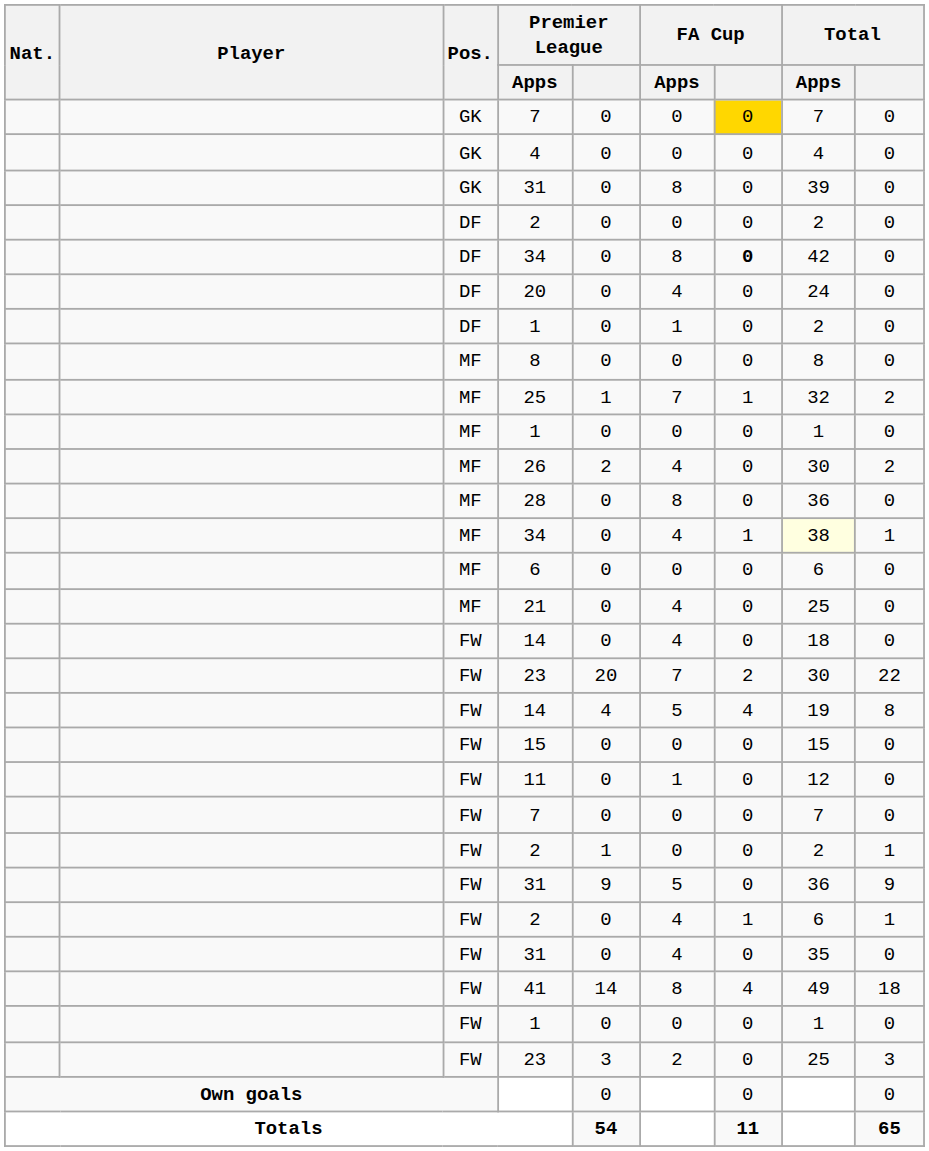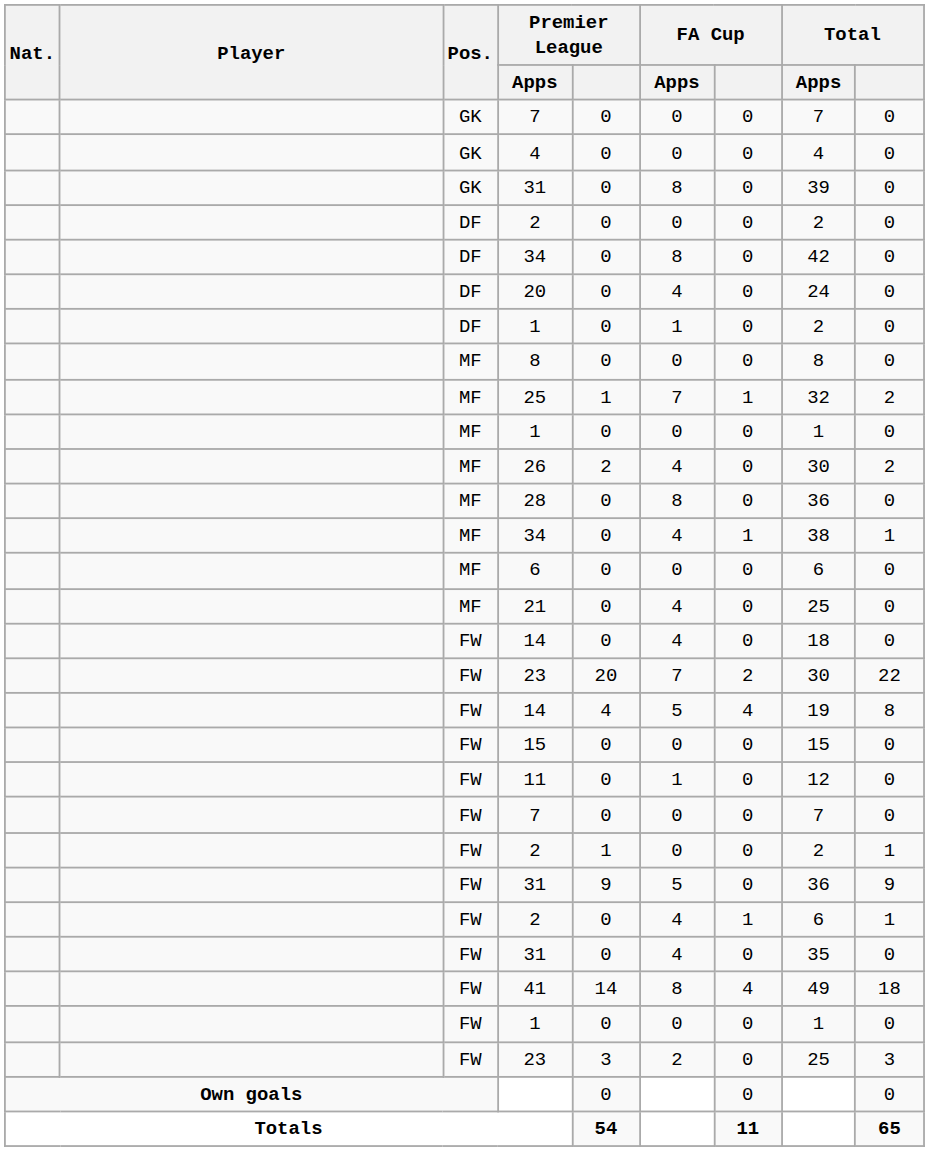 <table class="wikitable sortable alternance"  style="font-size:80%; text-align:center; line-height:14px; width:40%;">
 <tr>
 <th rowspan="2" style="width:10px;">Nat.</th>
 <th rowspan="2" scope="col" style="width:275px;">Player</th>
 <th rowspan="2" style="width:10px;">Pos.</th>
 <th colspan="2">Premier League</th>
 <th colspan="2">FA Cup</th>
 <th colspan="2">Total</th>
 </tr>
 <tr style="text-align:center;">
 <th width=40>Apps</th>
 <th width=40></th>
 <th width=40>Apps</th>
 <th width=40></th>
 <th width=40>Apps</th>
 <th width=40></th>
 </tr>
 <tr>
 <td></td>
 <td></td>
 <td>GK</td>
 <td>7</td>
 <td>0</td>
 <td>0</td>
-<td style="background: gold;">0</td>
+<td>0</td>
 <td>7</td>
 <td>0</td>
 </tr>
 <tr>
 <td></td>
 <td></td>
 <td>GK</td>
 <td>4</td>
 <td>0</td>
 <td>0</td>
 <td>0</td>
 <td>4</td>
 <td>0</td>
 </tr>
 <tr>
 <td></td>
 <td></td>
 <td>GK</td>
 <td>31</td>
 <td>0</td>
 <td>8</td>
 <td>0</td>
 <td>39</td>
 <td>0</td>
 </tr>
 <tr>
 <td></td>
 <td></td>
 <td>DF</td>
 <td>2</td>
 <td>0</td>
 <td>0</td>
 <td>0</td>
 <td>2</td>
 <td>0</td>
 </tr>
 <tr>
 <td></td>
 <td></td>
 <td>DF</td>
 <td>34</td>
 <td>0</td>
 <td>8</td>
-<td><strong>0</strong></td>
+<td>0</td>
 <td>42</td>
 <td>0</td>
 </tr>
 <tr>
 <td></td>
 <td></td>
 <td>DF</td>
 <td>20</td>
 <td>0</td>
 <td>4</td>
 <td>0</td>
 <td>24</td>
 <td>0</td>
 </tr>
 <tr>
 <td></td>
 <td></td>
 <td>DF</td>
 <td>1</td>
 <td>0</td>
 <td>1</td>
 <td>0</td>
 <td>2</td>
 <td>0</td>
 </tr>
 <tr>
 <td></td>
 <td></td>
 <td>MF</td>
 <td>8</td>
 <td>0</td>
 <td>0</td>
 <td>0</td>
 <td>8</td>
 <td>0</td>
 </tr>
 <tr>
 <td></td>
 <td></td>
 <td>MF</td>
 <td>25</td>
 <td>1</td>
 <td>7</td>
 <td>1</td>
 <td>32</td>
 <td>2</td>
 </tr>
 <tr>
 <td></td>
 <td></td>
 <td>MF</td>
 <td>1</td>
 <td>0</td>
 <td>0</td>
 <td>0</td>
 <td>1</td>
 <td>0</td>
 </tr>
 <tr>
 <td></td>
 <td></td>
 <td>MF</td>
 <td>26</td>
 <td>2</td>
 <td>4</td>
 <td>0</td>
 <td>30</td>
 <td>2</td>
 </tr>
 <tr>
 <td></td>
 <td></td>
 <td>MF</td>
 <td>28</td>
 <td>0</td>
 <td>8</td>
 <td>0</td>
 <td>36</td>
 <td>0</td>
 </tr>
 <tr>
 <td></td>
 <td></td>
 <td>MF</td>
 <td>34</td>
 <td>0</td>
 <td>4</td>
 <td>1</td>
-<td style="background: lightyellow;">38</td>
+<td>38</td>
 <td>1</td>
 </tr>
 <tr>
 <td></td>
 <td></td>
 <td>MF</td>
 <td>6</td>
 <td>0</td>
 <td>0</td>
 <td>0</td>
 <td>6</td>
 <td>0</td>
 </tr>
 <tr>
 <td></td>
 <td></td>
 <td>MF</td>
 <td>21</td>
 <td>0</td>
 <td>4</td>
 <td>0</td>
 <td>25</td>
 <td>0</td>
 </tr>
 <tr>
 <td></td>
 <td></td>
 <td>FW</td>
 <td>14</td>
 <td>0</td>
 <td>4</td>
 <td>0</td>
 <td>18</td>
 <td>0</td>
 </tr>
 <tr>
 <td></td>
 <td></td>
 <td>FW</td>
 <td>23</td>
 <td>20</td>
 <td>7</td>
 <td>2</td>
 <td>30</td>
 <td>22</td>
 </tr>
 <tr>
 <td></td>
 <td></td>
 <td>FW</td>
 <td>14</td>
 <td>4</td>
 <td>5</td>
 <td>4</td>
 <td>19</td>
 <td>8</td>
 </tr>
 <tr>
 <td></td>
 <td></td>
 <td>FW</td>
 <td>15</td>
 <td>0</td>
 <td>0</td>
 <td>0</td>
 <td>15</td>
 <td>0</td>
 </tr>
 <tr>
 <td></td>
 <td></td>
 <td>FW</td>
 <td>11</td>
 <td>0</td>
 <td>1</td>
 <td>0</td>
 <td>12</td>
 <td>0</td>
 </tr>
 <tr>
 <td></td>
 <td></td>
 <td>FW</td>
 <td>7</td>
 <td>0</td>
 <td>0</td>
 <td>0</td>
 <td>7</td>
 <td>0</td>
 </tr>
 <tr>
 <td></td>
 <td></td>
 <td>FW</td>
 <td>2</td>
 <td>1</td>
 <td>0</td>
 <td>0</td>
 <td>2</td>
 <td>1</td>
 </tr>
 <tr>
 <td></td>
 <td></td>
 <td>FW</td>
 <td>31</td>
 <td>9</td>
 <td>5</td>
 <td>0</td>
 <td>36</td>
 <td>9</td>
 </tr>
 <tr>
 <td></td>
 <td></td>
 <td>FW</td>
 <td>2</td>
 <td>0</td>
 <td>4</td>
 <td>1</td>
 <td>6</td>
 <td>1</td>
 </tr>
 <tr>
 <td></td>
 <td></td>
 <td>FW</td>
 <td>31</td>
 <td>0</td>
 <td>4</td>
 <td>0</td>
 <td>35</td>
 <td>0</td>
 </tr>
 <tr>
 <td></td>
 <td></td>
 <td>FW</td>
 <td>41</td>
 <td>14</td>
 <td>8</td>
 <td>4</td>
 <td>49</td>
 <td>18</td>
 </tr>
 <tr>
 <td></td>
 <td></td>
 <td>FW</td>
 <td>1</td>
 <td>0</td>
 <td>0</td>
 <td>0</td>
 <td>1</td>
 <td>0</td>
 </tr>
 <tr>
 <td></td>
 <td></td>
 <td>FW</td>
 <td>23</td>
 <td>3</td>
 <td>2</td>
 <td>0</td>
 <td>25</td>
 <td>3</td>
 </tr>
 <tr class="sortbottom">
 <td colspan="3"><strong>Own goals</strong></td>
 <td ! style="background:white; text-align: center;"></td>
 <td>0</td>
 <td ! style="background:white; text-align: center;"></td>
 <td>0</td>
 <td ! style="background:white; text-align: center;"></td>
 <td>0</td>
 </tr>
 <tr class="sortbottom">
 <td colspan="4"  style="background:white; text-align: center;"><strong>Totals</strong></td>
 <td><strong>54</strong></td>
 <td ! rowspan="2" style="background:white; text-align: center;"></td>
 <td><strong>11</strong></td>
 <td ! rowspan="2" style="background:white; text-align: center;"></td>
 <td><strong>65</strong></td>
 </tr>
 </table>
